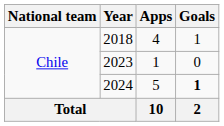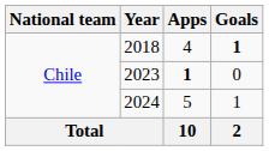 <table class=wikitable style=text-align:center>
 <tr>
 <th>National team</th>
 <th>Year</th>
 <th>Apps</th>
 <th>Goals</th>
 </tr>
 <tr>
 <td rowspan="3"><a href='#'>Chile</a></td>
 <td>2018</td>
 <td>4</td>
-<td>1</td>
+<td><strong>1</strong></td>
 </tr>
 <tr>
 <td>2023</td>
-<td>1</td>
+<td><strong>1</strong></td>
 <td>0</td>
 </tr>
 <tr>
 <td>2024</td>
 <td>5</td>
-<td><strong>1</strong></td>
+<td>1</td>
 </tr>
 <tr>
 <th colspan="2">Total</th>
 <th>10</th>
 <th>2</th>
 </tr>
 </table>
